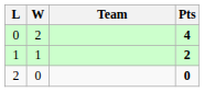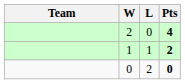 <table class="wikitable" style="text-align:center;">
 <tr>
+<th width=150>Team</th>
+<th width=20>W</th>
 <th width=20>L</th>
-<th width=20>W</th>
-<th width=150>Team</th>
 <th width=20>Pts</th>
 </tr>
 <tr bgcolor="#ccffcc">
+<td align="left"></td>
+<td>2</td>
 <td>0</td>
-<td>2</td>
-<td align="left"></td>
 <td><strong>4</strong></td>
 </tr>
 <tr bgcolor="#ccffcc">
+<td align="left"></td>
 <td>1</td>
 <td>1</td>
-<td align="left"></td>
 <td><strong>2</strong></td>
 </tr>
 <tr>
+<td align="left"></td>
+<td>0</td>
 <td>2</td>
-<td>0</td>
-<td align="left"></td>
 <td><strong>0</strong></td>
 </tr>
 </table>
